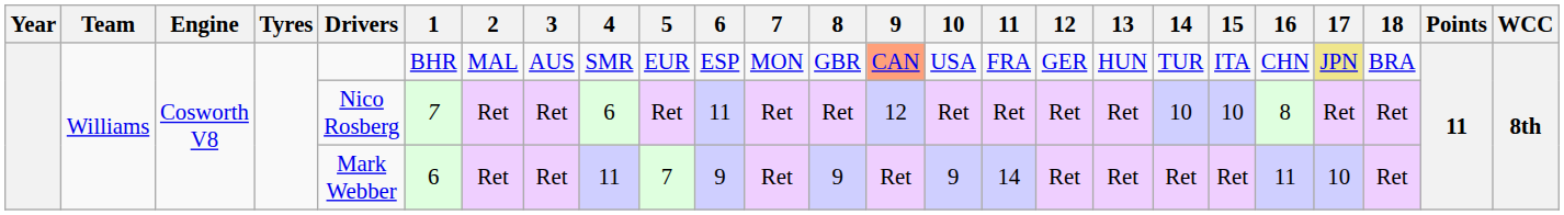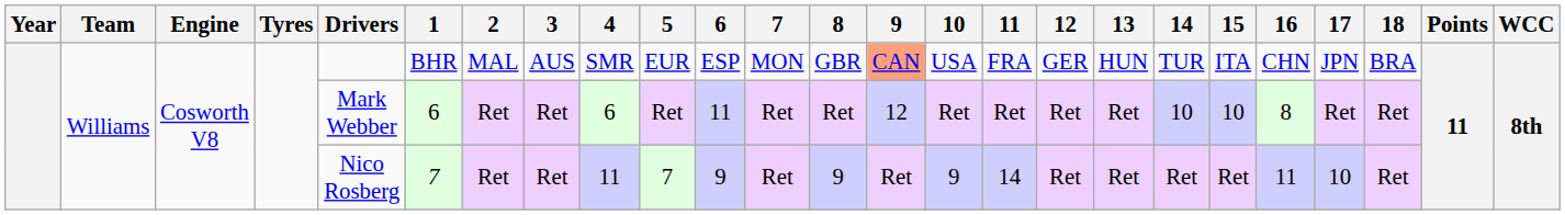 <table class="wikitable" style="text-align:center; font-size:95%">
 <tr>
 <th>Year</th>
 <th>Team</th>
 <th>Engine</th>
 <th>Tyres</th>
 <th>Drivers</th>
 <th>1</th>
 <th>2</th>
 <th>3</th>
 <th>4</th>
 <th>5</th>
 <th>6</th>
 <th>7</th>
 <th>8</th>
 <th>9</th>
 <th>10</th>
 <th>11</th>
 <th>12</th>
 <th>13</th>
 <th>14</th>
 <th>15</th>
 <th>16</th>
 <th>17</th>
 <th>18</th>
 <th>Points</th>
 <th>WCC</th>
 </tr>
 <tr>
 <th rowspan="3"></th>
 <td rowspan="3"><a href='#'>Williams</a></td>
 <td rowspan="3"><a href='#'>Cosworth</a> <a href='#'>V8</a></td>
 <td rowspan="3"></td>
 <td></td>
 <td><a href='#'>BHR</a></td>
 <td><a href='#'>MAL</a></td>
 <td><a href='#'>AUS</a></td>
 <td><a href='#'>SMR</a></td>
 <td><a href='#'>EUR</a></td>
 <td><a href='#'>ESP</a></td>
 <td><a href='#'>MON</a></td>
 <td><a href='#'>GBR</a></td>
 <td style="background: lightsalmon;"><a href='#'>CAN</a></td>
 <td><a href='#'>USA</a></td>
 <td><a href='#'>FRA</a></td>
 <td><a href='#'>GER</a></td>
 <td><a href='#'>HUN</a></td>
 <td><a href='#'>TUR</a></td>
 <td><a href='#'>ITA</a></td>
 <td><a href='#'>CHN</a></td>
-<td style="background: khaki;"><a href='#'>JPN</a></td>
+<td><a href='#'>JPN</a></td>
 <td><a href='#'>BRA</a></td>
 <th rowspan="3">11</th>
 <th rowspan="3">8th</th>
 </tr>
 <tr>
-<td> <a href='#'>Nico Rosberg</a></td>
-<td style="background:#DFFFDF;"><em>7</em></td>
+<td> <a href='#'>Mark Webber</a></td>
+<td style="background:#DFFFDF;">6</td>
 <td style="background:#EFCFFF;">Ret</td>
 <td style="background:#EFCFFF;">Ret</td>
 <td style="background:#DFFFDF;">6</td>
 <td style="background:#EFCFFF;">Ret</td>
 <td style="background:#CFCFFF;">11</td>
 <td style="background:#EFCFFF;">Ret</td>
 <td style="background:#EFCFFF;">Ret</td>
 <td style="background:#CFCFFF;">12</td>
 <td style="background:#EFCFFF;">Ret</td>
 <td style="background:#EFCFFF;">Ret</td>
 <td style="background:#EFCFFF;">Ret</td>
 <td style="background:#EFCFFF;">Ret</td>
 <td style="background:#CFCFFF;">10</td>
 <td style="background:#CFCFFF;">10</td>
 <td style="background:#DFFFDF;">8</td>
 <td style="background:#EFCFFF;">Ret</td>
 <td style="background:#EFCFFF;">Ret</td>
 </tr>
 <tr>
-<td> <a href='#'>Mark Webber</a></td>
-<td style="background:#DFFFDF;">6</td>
+<td> <a href='#'>Nico Rosberg</a></td>
+<td style="background:#DFFFDF;"><em>7</em></td>
 <td style="background:#EFCFFF;">Ret</td>
 <td style="background:#EFCFFF;">Ret</td>
 <td style="background:#CFCFFF;">11</td>
 <td style="background:#DFFFDF;">7</td>
 <td style="background:#CFCFFF;">9</td>
 <td style="background:#EFCFFF;">Ret</td>
 <td style="background:#CFCFFF;">9</td>
 <td style="background:#EFCFFF;">Ret</td>
 <td style="background:#CFCFFF;">9</td>
 <td style="background:#CFCFFF;">14</td>
 <td style="background:#EFCFFF;">Ret</td>
 <td style="background:#EFCFFF;">Ret</td>
 <td style="background:#EFCFFF;">Ret</td>
 <td style="background:#EFCFFF;">Ret</td>
 <td style="background:#CFCFFF;">11</td>
 <td style="background:#CFCFFF;">10</td>
 <td style="background:#EFCFFF;">Ret</td>
 </tr>
 </table>
